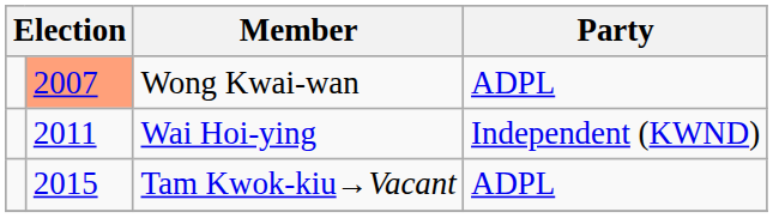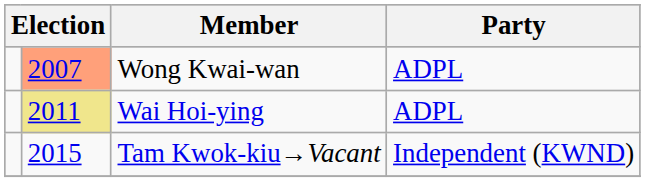 <table class="wikitable">
 <tr>
 <th colspan="2">Election</th>
 <th>Member</th>
 <th>Party</th>
 </tr>
 <tr>
 <td style="background-color:"></td>
 <td style="background: lightsalmon;"><a href='#'>2007</a></td>
 <td>Wong Kwai-wan</td>
 <td><a href='#'>ADPL</a></td>
 </tr>
 <tr>
 <td style="background-color:"></td>
-<td><a href='#'>2011</a></td>
+<td style="background: khaki;"><a href='#'>2011</a></td>
 <td><a href='#'>Wai Hoi-ying</a></td>
-<td><a href='#'>Independent</a> (<a href='#'>KWND</a>)</td>
+<td><a href='#'>ADPL</a></td>
 </tr>
 <tr>
 <td style="background-color:"></td>
 <td><a href='#'>2015</a></td>
 <td><a href='#'>Tam Kwok-kiu</a>→<em>Vacant</em></td>
-<td><a href='#'>ADPL</a></td>
+<td><a href='#'>Independent</a> (<a href='#'>KWND</a>)</td>
 </tr>
 <tr>
 </tr>
 </table>
